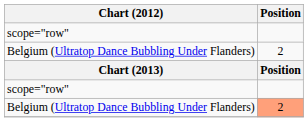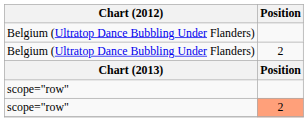 <table class="wikitable sortable plainrowheaders">
 <tr>
 <th>Chart (2012)</th>
 <th>Position</th>
 </tr>
 <tr>
-<td>scope="row"</td>
+<td>Belgium (<a href='#'>Ultratop Dance Bubbling Under</a> Flanders)</td>
 </tr>
 <tr>
 <td>Belgium (<a href='#'>Ultratop Dance Bubbling Under</a> Flanders)</td>
 <td style="text-align:center;">2</td>
 </tr>
 <tr>
 <th>Chart (2013)</th>
 <th>Position</th>
 </tr>
 <tr>
 <td>scope="row"</td>
 </tr>
 <tr>
-<td>Belgium (<a href='#'>Ultratop Dance Bubbling Under</a> Flanders)</td>
+<td>scope="row"</td>
 <td style="background: lightsalmon; text-align:center;">2</td>
 </tr>
 <tr>
 </tr>
 </table>
